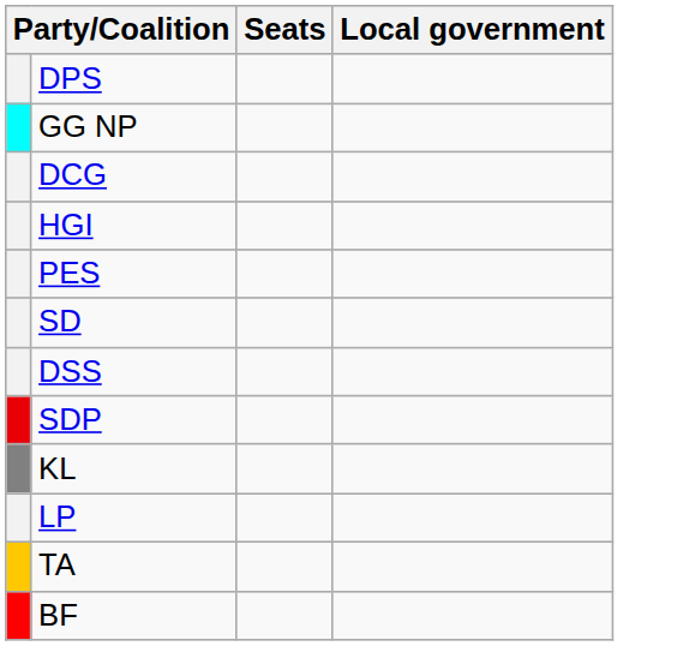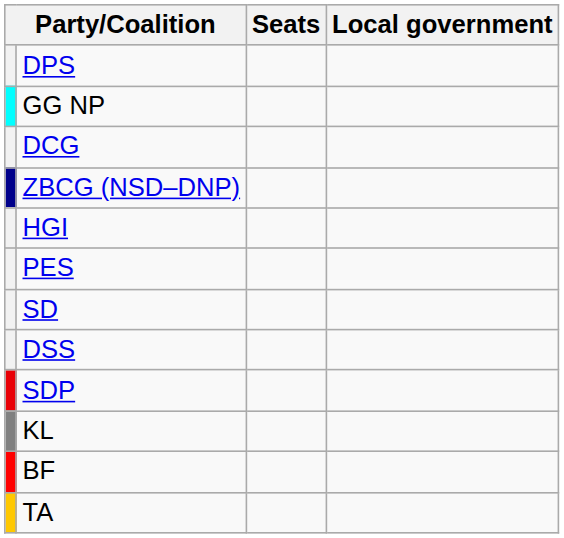 <table class="wikitable" style="text-align:left;">
 <tr>
 <th colspan=2>Party/Coalition</th>
 <th>Seats</th>
 <th>Local government</th>
 </tr>
 <tr>
 <th style="background-color: "></th>
 <td><a href='#'>DPS</a></td>
 <td></td>
 <td></td>
 </tr>
 <tr>
 <th style="background-color: #00FFFF "></th>
 <td>GG NP</td>
 <td></td>
 <td></td>
 </tr>
 <tr>
 <th style="background-color: "></th>
 <td><a href='#'>DCG</a></td>
+<td></td>
+<td></td>
+</tr>
+<tr>
+<th style="background-color: darkblue"></th>
+<td><a href='#'>ZBCG (NSD–DNP)</a></td>
 <td></td>
 <td></td>
 </tr>
 <tr>
 <th style="background-color: "></th>
 <td><a href='#'>HGI</a></td>
 <td></td>
 <td></td>
 </tr>
 <tr>
 <th style="background:"></th>
 <td><a href='#'>PES</a></td>
 <td></td>
 <td></td>
 </tr>
 <tr>
 <th style="background:"></th>
 <td><a href='#'>SD</a></td>
 <td></td>
 <td></td>
 </tr>
 <tr>
 <th style="background-color: "></th>
 <td><a href='#'>DSS</a></td>
 <td></td>
 <td></td>
 </tr>
 <tr>
 <th style="background-color: #E90007"></th>
 <td><a href='#'>SDP</a></td>
 <td></td>
 <td></td>
 </tr>
 <tr>
 <th style="background-color: gray "></th>
 <td>KL</td>
 <td></td>
 <td></td>
 </tr>
 <tr>
-<th style="background-color: "></th>
-<td><a href='#'>LP</a></td>
+<th style="background-color: red;"></th>
+<td>BF</td>
 <td></td>
 <td></td>
 </tr>
 <tr>
 <th style="background-color: #FFC800 "></th>
 <td>TA</td>
 <td></td>
 <td></td>
 </tr>
-<tr>
-<th style="background-color: red;"></th>
-<td>BF</td>
-<td></td>
-<td></td>
-</tr>
 </table>
